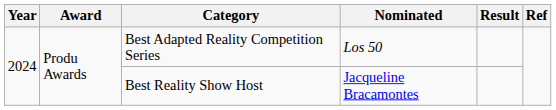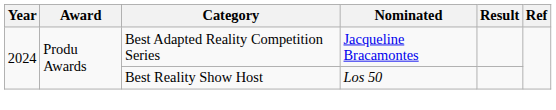 <table class="wikitable plainrowheaders">
 <tr>
 <th scope="col">Year</th>
 <th scope="col">Award</th>
 <th scope="col">Category</th>
 <th scope="col">Nominated</th>
 <th scope="col">Result</th>
 <th scope="col">Ref</th>
 </tr>
 <tr>
 <td rowspan=2>2024</td>
 <td rowspan=2>Produ Awards</td>
 <td>Best Adapted Reality Competition Series</td>
-<td><em>Los 50</em></td>
+<td><a href='#'>Jacqueline Bracamontes</a></td>
 <td></td>
 <td align="center" rowspan=2></td>
 </tr>
 <tr>
 <td>Best Reality Show Host</td>
-<td><a href='#'>Jacqueline Bracamontes</a></td>
+<td><em>Los 50</em></td>
 <td></td>
 </tr>
 </table>
